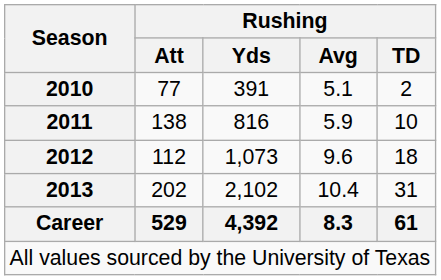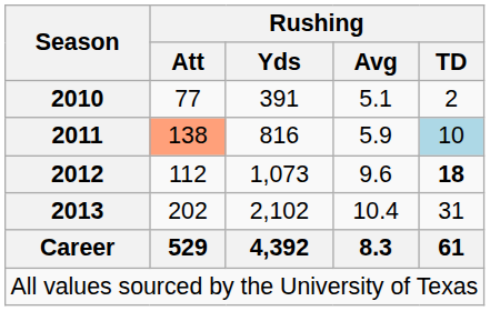 <table class="wikitable" style="text-align: center;">
 <tr>
 <th rowspan="2">Season</th>
 <th colspan="4">Rushing</th>
 </tr>
 <tr>
 <th>Att</th>
 <th>Yds</th>
 <th>Avg</th>
 <th>TD</th>
 </tr>
 <tr>
 <th>2010</th>
 <td>77</td>
 <td>391</td>
 <td>5.1</td>
 <td>2</td>
 </tr>
 <tr>
 <th>2011</th>
-<td>138</td>
+<td style="background: lightsalmon;">138</td>
 <td>816</td>
 <td>5.9</td>
-<td>10</td>
+<td style="background: lightblue;">10</td>
 </tr>
 <tr>
 <th>2012</th>
 <td>112</td>
 <td>1,073</td>
 <td>9.6</td>
-<td>18</td>
+<td><strong>18</strong></td>
 </tr>
 <tr>
 <th>2013</th>
 <td>202</td>
 <td>2,102</td>
 <td>10.4</td>
 <td>31</td>
 </tr>
 <tr>
 <th>Career</th>
 <th>529</th>
 <th>4,392</th>
 <th>8.3</th>
 <th>61</th>
 </tr>
 <tr>
 <td colspan="5">All values sourced by the University of Texas</td>
 </tr>
 </table>
